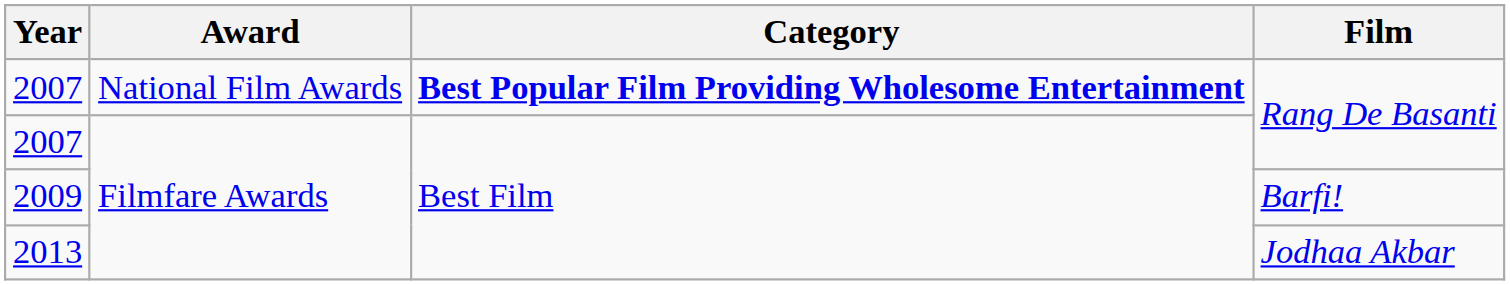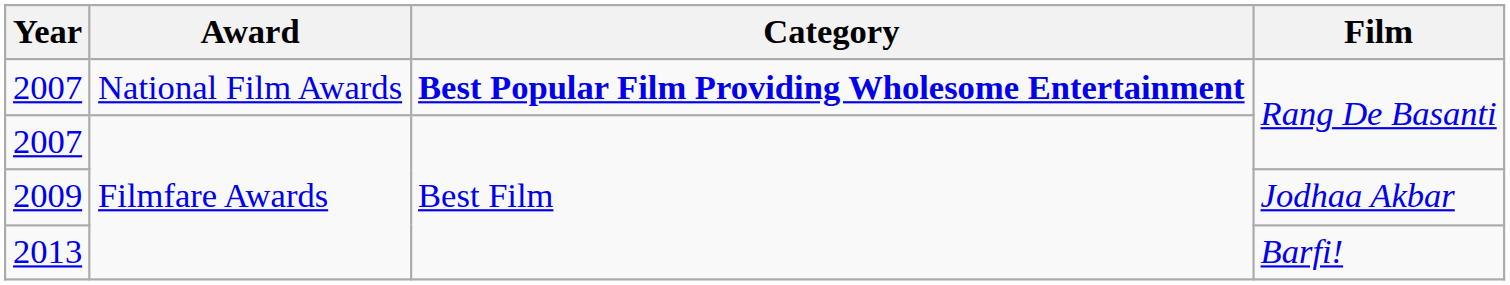 <table class="wikitable">
 <tr>
 <th>Year</th>
 <th>Award</th>
 <th>Category</th>
 <th>Film</th>
 </tr>
 <tr>
 <td><a href='#'>2007</a></td>
 <td><a href='#'>National Film Awards</a></td>
 <td><strong><a href='#'>Best Popular Film Providing Wholesome Entertainment</a></strong></td>
 <td rowspan="2"><em><a href='#'>Rang De Basanti</a></em></td>
 </tr>
 <tr>
 <td><a href='#'>2007</a></td>
 <td rowspan="3"><a href='#'>Filmfare Awards</a></td>
 <td rowspan="3"><a href='#'>Best Film</a></td>
 </tr>
 <tr>
 <td><a href='#'>2009</a></td>
-<td><em><a href='#'>Barfi!</a></em></td>
+<td><em><a href='#'>Jodhaa Akbar</a></em></td>
 </tr>
 <tr>
 <td><a href='#'>2013</a></td>
-<td><em><a href='#'>Jodhaa Akbar</a></em></td>
+<td><em><a href='#'>Barfi!</a></em></td>
 </tr>
 </table>
